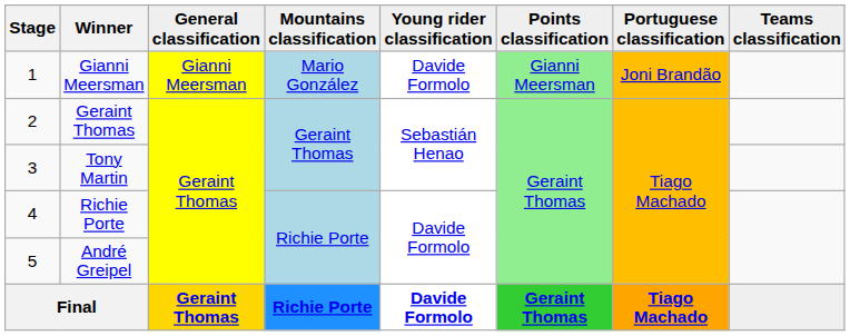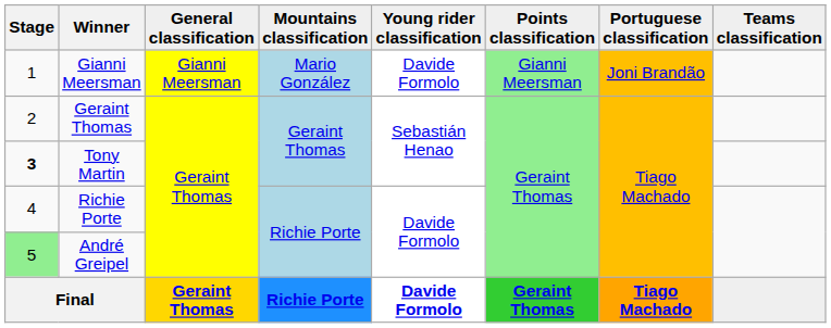 <table class="wikitable" style="text-align: center; font-size:smaller;">
 <tr style="background-color: #efefef;">
 <th width="2%">Stage</th>
 <th width="14%">Winner</th>
 <th style="background:#EFEFEF;" width="14%">General classification<br></th>
 <th style="background:#EFEFEF;" width="14%">Mountains classification<br></th>
 <th style="background:#EFEFEF"  width="14%">Young rider classification<br></th>
 <th style="background:#EFEFEF"  width="14%">Points classification<br></th>
 <th style="background:#EFEFEF"  width="14%">Portuguese classification<br></th>
 <th style="background:#EFEFEF;" width="14%">Teams classification</th>
 </tr>
 <tr>
 <td>1</td>
 <td><a href='#'>Gianni Meersman</a></td>
 <td style="background:yellow;"><a href='#'>Gianni Meersman</a></td>
 <td style="background:lightblue;"><a href='#'>Mario González</a></td>
 <td style="background:white;"><a href='#'>Davide Formolo</a></td>
 <td style="background:lightgreen;"><a href='#'>Gianni Meersman</a></td>
 <td style="background:#FFBF00;"><a href='#'>Joni Brandão</a></td>
 <td></td>
 </tr>
 <tr>
 <td>2</td>
 <td><a href='#'>Geraint Thomas</a></td>
 <td style="background:yellow;" rowspan=4><a href='#'>Geraint Thomas</a></td>
 <td style="background:lightblue;" rowspan=2><a href='#'>Geraint Thomas</a></td>
 <td style="background:white;" rowspan=2><a href='#'>Sebastián Henao</a></td>
 <td style="background:lightgreen;" rowspan=4><a href='#'>Geraint Thomas</a></td>
 <td style="background:#FFBF00;" rowspan=4><a href='#'>Tiago Machado</a></td>
 <td></td>
 </tr>
 <tr>
-<td>3</td>
+<td><strong>3</strong></td>
 <td><a href='#'>Tony Martin</a></td>
 <td></td>
 </tr>
 <tr>
 <td>4</td>
 <td><a href='#'>Richie Porte</a></td>
 <td style="background:lightblue;" rowspan=2><a href='#'>Richie Porte</a></td>
 <td style="background:white;" rowspan=2><a href='#'>Davide Formolo</a></td>
 <td rowspan=2></td>
 </tr>
 <tr>
-<td>5</td>
+<td style="background: lightgreen;">5</td>
 <td><a href='#'>André Greipel</a></td>
 </tr>
 <tr>
 <th colspan=2>Final</th>
 <th style="background:gold;"><a href='#'>Geraint Thomas</a></th>
 <th style="background:dodgerblue;"><a href='#'>Richie Porte</a></th>
 <th style="background:white;"><a href='#'>Davide Formolo</a></th>
 <th style="background:limegreen;"><a href='#'>Geraint Thomas</a></th>
 <th style="background:#FFA500;"><a href='#'>Tiago Machado</a></th>
 <th style="background:#EFEFEF;"></th>
 </tr>
 </table>
